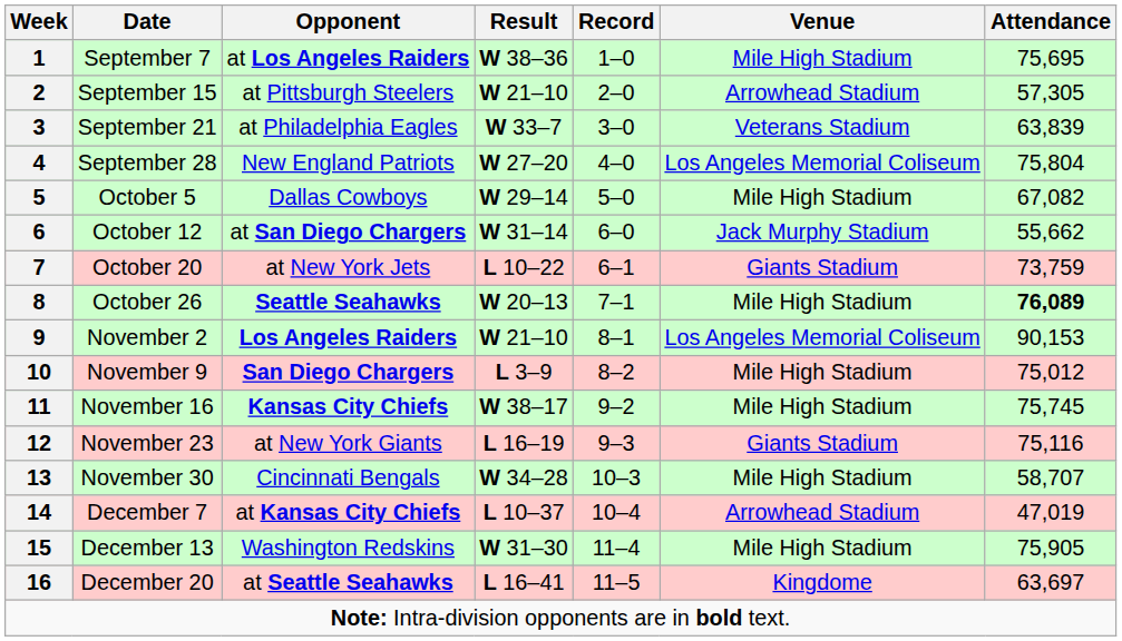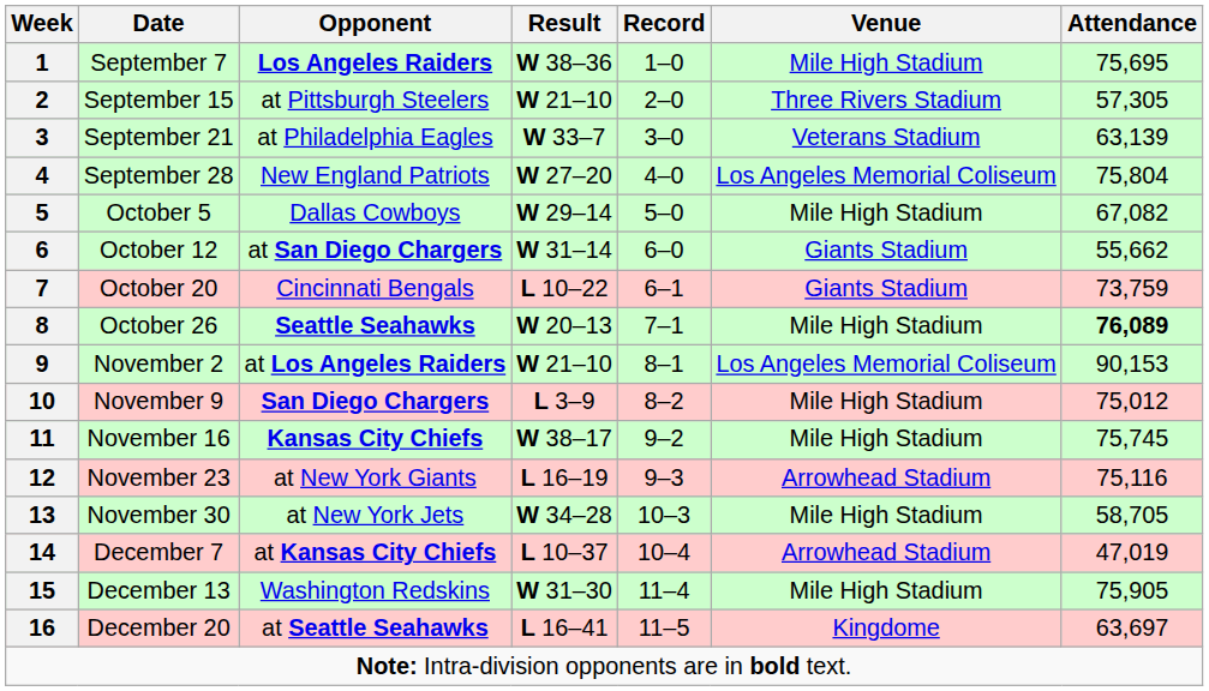 <table class="wikitable" style="text-align:center">
 <tr>
 <th>Week</th>
 <th>Date</th>
 <th>Opponent</th>
 <th>Result</th>
 <th>Record</th>
 <th>Venue</th>
 <th>Attendance</th>
 </tr>
 <tr style="background:#cfc">
 <th>1</th>
 <td>September 7</td>
-<td>at <strong><a href='#'>Los Angeles Raiders</a></strong></td>
+<td><strong><a href='#'>Los Angeles Raiders</a></strong></td>
 <td><strong>W</strong> 38–36</td>
 <td>1–0</td>
 <td><a href='#'>Mile High Stadium</a></td>
 <td>75,695</td>
 </tr>
 <tr style="background:#cfc">
 <th>2</th>
 <td>September 15</td>
 <td>at <a href='#'>Pittsburgh Steelers</a></td>
 <td><strong>W</strong> 21–10</td>
 <td>2–0</td>
-<td><a href='#'>Arrowhead Stadium</a></td>
+<td><a href='#'>Three Rivers Stadium</a></td>
 <td>57,305</td>
 </tr>
 <tr style="background:#cfc">
 <th>3</th>
 <td>September 21</td>
 <td>at <a href='#'>Philadelphia Eagles</a></td>
 <td><strong>W</strong> 33–7</td>
 <td>3–0</td>
 <td><a href='#'>Veterans Stadium</a></td>
-<td>63,839</td>
+<td>63,139</td>
 </tr>
 <tr style="background:#cfc">
 <th>4</th>
 <td>September 28</td>
 <td><a href='#'>New England Patriots</a></td>
 <td><strong>W</strong> 27–20</td>
 <td>4–0</td>
 <td><a href='#'>Los Angeles Memorial Coliseum</a></td>
 <td>75,804</td>
 </tr>
 <tr style="background:#cfc">
 <th>5</th>
 <td>October 5</td>
 <td><a href='#'>Dallas Cowboys</a></td>
 <td><strong>W</strong> 29–14</td>
 <td>5–0</td>
 <td>Mile High Stadium</td>
 <td>67,082</td>
 </tr>
 <tr style="background:#cfc">
 <th>6</th>
 <td>October 12</td>
 <td>at <strong><a href='#'>San Diego Chargers</a></strong></td>
 <td><strong>W</strong> 31–14</td>
 <td>6–0</td>
-<td><a href='#'>Jack Murphy Stadium</a></td>
+<td><a href='#'>Giants Stadium</a></td>
 <td>55,662</td>
 </tr>
 <tr style="background:#fcc">
 <th>7</th>
 <td>October 20</td>
-<td>at <a href='#'>New York Jets</a></td>
+<td><a href='#'>Cincinnati Bengals</a></td>
 <td><strong>L</strong> 10–22</td>
 <td>6–1</td>
 <td><a href='#'>Giants Stadium</a></td>
 <td>73,759</td>
 </tr>
 <tr style="background:#cfc">
 <th>8</th>
 <td>October 26</td>
 <td><strong><a href='#'>Seattle Seahawks</a></strong></td>
 <td><strong>W</strong> 20–13</td>
 <td>7–1</td>
 <td>Mile High Stadium</td>
 <td><strong>76,089</strong></td>
 </tr>
 <tr style="background:#cfc">
 <th>9</th>
 <td>November 2</td>
-<td><strong><a href='#'>Los Angeles Raiders</a></strong></td>
+<td>at <strong><a href='#'>Los Angeles Raiders</a></strong></td>
 <td><strong>W</strong> 21–10</td>
 <td>8–1</td>
 <td><a href='#'>Los Angeles Memorial Coliseum</a></td>
 <td>90,153</td>
 </tr>
 <tr style="background:#fcc">
 <th>10</th>
 <td>November 9</td>
 <td><strong><a href='#'>San Diego Chargers</a></strong></td>
 <td><strong>L</strong> 3–9</td>
 <td>8–2</td>
 <td>Mile High Stadium</td>
 <td>75,012</td>
 </tr>
 <tr style="background:#cfc">
 <th>11</th>
 <td>November 16</td>
 <td><strong><a href='#'>Kansas City Chiefs</a></strong></td>
 <td><strong>W</strong> 38–17</td>
 <td>9–2</td>
 <td>Mile High Stadium</td>
 <td>75,745</td>
 </tr>
 <tr style="background:#fcc">
 <th>12</th>
 <td>November 23</td>
 <td>at <a href='#'>New York Giants</a></td>
 <td><strong>L</strong> 16–19</td>
 <td>9–3</td>
-<td><a href='#'>Giants Stadium</a></td>
+<td><a href='#'>Arrowhead Stadium</a></td>
 <td>75,116</td>
 </tr>
 <tr style="background:#cfc">
 <th>13</th>
 <td>November 30</td>
-<td><a href='#'>Cincinnati Bengals</a></td>
+<td>at <a href='#'>New York Jets</a></td>
 <td><strong>W</strong> 34–28</td>
 <td>10–3</td>
 <td>Mile High Stadium</td>
-<td>58,707</td>
+<td>58,705</td>
 </tr>
 <tr style="background:#fcc">
 <th>14</th>
 <td>December 7</td>
 <td>at <strong><a href='#'>Kansas City Chiefs</a></strong></td>
 <td><strong>L</strong> 10–37</td>
 <td>10–4</td>
 <td><a href='#'>Arrowhead Stadium</a></td>
 <td>47,019</td>
 </tr>
 <tr style="background:#cfc">
 <th>15</th>
 <td>December 13</td>
 <td><a href='#'>Washington Redskins</a></td>
 <td><strong>W</strong> 31–30</td>
 <td>11–4</td>
 <td>Mile High Stadium</td>
 <td>75,905</td>
 </tr>
 <tr style="background:#fcc">
 <th>16</th>
 <td>December 20</td>
 <td>at <strong><a href='#'>Seattle Seahawks</a></strong></td>
 <td><strong>L</strong> 16–41</td>
 <td>11–5</td>
 <td><a href='#'>Kingdome</a></td>
 <td>63,697</td>
 </tr>
 <tr>
 <td colspan="8"><strong>Note:</strong> Intra-division opponents are in <strong>bold</strong> text.</td>
 </tr>
 </table>
